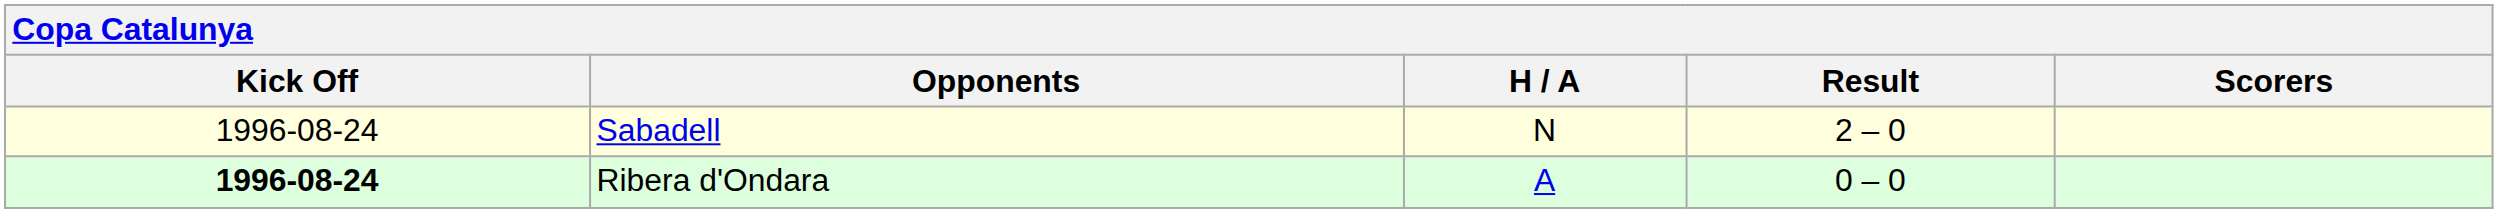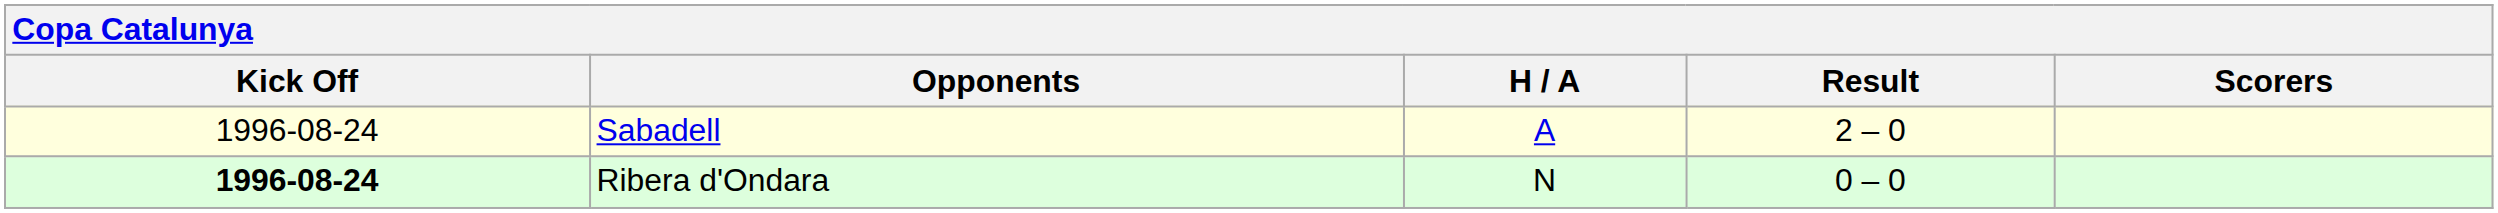 <table class="wikitable collapsible collapsed" style="width:99%;">
 <tr>
 <th colspan="8" style="text-align:left;"><a href='#'>Copa Catalunya</a></th>
 </tr>
 <tr>
 <th>Kick Off</th>
 <th>Opponents</th>
 <th>H / A</th>
 <th>Result</th>
 <th>Scorers</th>
 </tr>
 <tr bgcolor="#ffffdd">
 <td align=center>1996-08-24</td>
 <td> <a href='#'>Sabadell</a></td>
-<td align=center>N</td>
+<td align=center><a href='#'>A</a></td>
 <td align=center>2 – 0</td>
 <td></td>
 </tr>
 <tr bgcolor="#ddffdd">
 <td align=center><strong>1996-08-24</strong></td>
 <td> Ribera d'Ondara</td>
-<td align=center><a href='#'>A</a></td>
+<td align=center>N</td>
 <td align=center>0 – 0</td>
 <td></td>
 </tr>
 </table>
